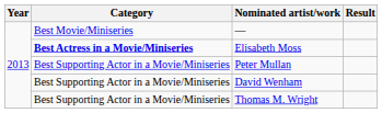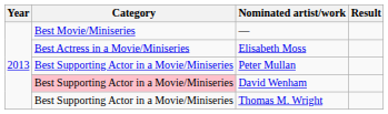 <table class="wikitable" style="table-layout: fixed; margin-right:0">
 <tr>
 <th scope="col">Year</th>
 <th scope="col">Category</th>
 <th scope="col">Nominated artist/work</th>
 <th scope="col">Result</th>
 </tr>
 <tr>
 <td rowspan=5><a href='#'>2013</a></td>
 <td><a href='#'>Best Movie/Miniseries</a></td>
 <td>—</td>
 <td></td>
 </tr>
 <tr>
-<td><strong><a href='#'>Best Actress in a Movie/Miniseries</a></strong></td>
+<td><a href='#'>Best Actress in a Movie/Miniseries</a></td>
 <td><a href='#'>Elisabeth Moss</a></td>
 <td></td>
 </tr>
 <tr>
 <td><a href='#'>Best Supporting Actor in a Movie/Miniseries</a></td>
 <td><a href='#'>Peter Mullan</a></td>
 <td></td>
 </tr>
 <tr>
-<td>Best Supporting Actor in a Movie/Miniseries</td>
+<td style="background: pink;">Best Supporting Actor in a Movie/Miniseries</td>
 <td><a href='#'>David Wenham</a></td>
 <td></td>
 </tr>
 <tr>
 <td>Best Supporting Actor in a Movie/Miniseries</td>
 <td><a href='#'>Thomas M. Wright</a></td>
 <td></td>
 </tr>
 </table>
